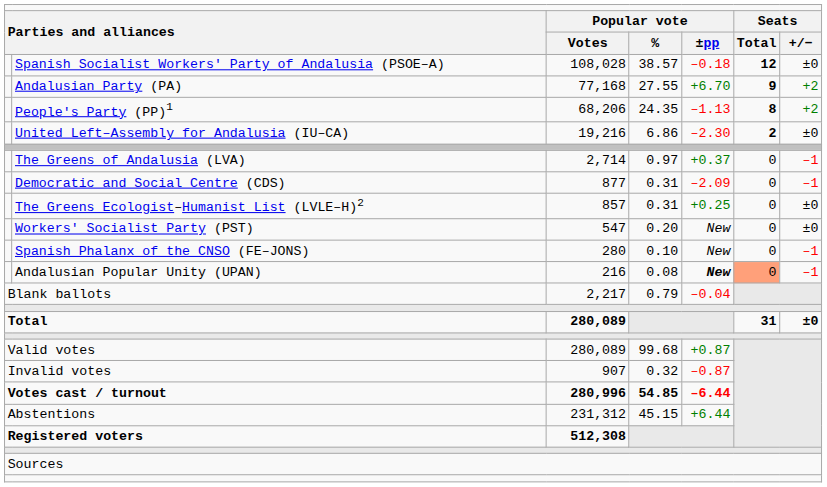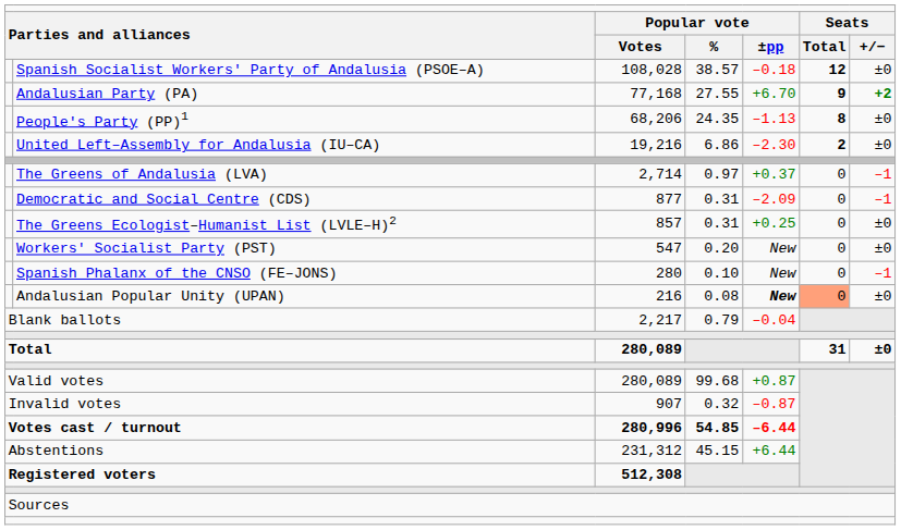 <table class="wikitable" style="text-align:right;">
 <tr>
 <td colspan="7"></td>
 </tr>
 <tr>
 <th style="text-align:left;" rowspan="2" colspan="2" width="525">Parties and alliances</th>
 <th colspan="3">Popular vote</th>
 <th colspan="2">Seats</th>
 </tr>
 <tr>
 <th width="75">Votes</th>
 <th width="45">%</th>
 <th width="45">±<a href='#'>pp</a></th>
 <th width="35">Total</th>
 <th width="35">+/−</th>
 </tr>
 <tr>
 <td width="1" style="color:inherit;background:"></td>
 <td align="left"><a href='#'>Spanish Socialist Workers' Party of Andalusia</a> (PSOE–A)</td>
 <td>108,028</td>
 <td>38.57</td>
 <td style="color:red;">–0.18</td>
 <td><strong>12</strong></td>
 <td>±0</td>
 </tr>
 <tr>
 <td style="color:inherit;background:"></td>
 <td align="left"><a href='#'>Andalusian Party</a> (PA)</td>
 <td>77,168</td>
 <td>27.55</td>
 <td style="color:green;">+6.70</td>
 <td><strong>9</strong></td>
-<td style="color:green;">+2</td>
+<td style="color:green;"><strong>+2</strong></td>
 </tr>
 <tr>
 <td style="color:inherit;background:"></td>
 <td align="left"><a href='#'>People's Party</a> (PP)<sup>1</sup></td>
 <td>68,206</td>
 <td>24.35</td>
 <td style="color:red;">–1.13</td>
 <td><strong>8</strong></td>
-<td style="color:green;">+2</td>
+<td>±0</td>
 </tr>
 <tr>
 <td style="color:inherit;background:"></td>
 <td align="left"><a href='#'>United Left–Assembly for Andalusia</a> (IU–CA)</td>
 <td>19,216</td>
 <td>6.86</td>
 <td style="color:red;">–2.30</td>
 <td><strong>2</strong></td>
 <td>±0</td>
 </tr>
 <tr>
 <td colspan="7" bgcolor="#C0C0C0"></td>
 </tr>
 <tr>
 <td style="color:inherit;background:"></td>
 <td align="left"><a href='#'>The Greens of Andalusia</a> (LVA)</td>
 <td>2,714</td>
 <td>0.97</td>
 <td style="color:green;">+0.37</td>
 <td>0</td>
 <td style="color:red;">–1</td>
 </tr>
 <tr>
 <td style="color:inherit;background:"></td>
 <td align="left"><a href='#'>Democratic and Social Centre</a> (CDS)</td>
 <td>877</td>
 <td>0.31</td>
 <td style="color:red;">–2.09</td>
 <td>0</td>
 <td style="color:red;">–1</td>
 </tr>
 <tr>
 <td style="color:inherit;background:"></td>
 <td align="left"><a href='#'>The Greens Ecologist</a>–<a href='#'>Humanist List</a> (LVLE–H)<sup>2</sup></td>
 <td>857</td>
 <td>0.31</td>
 <td style="color:green;">+0.25</td>
 <td>0</td>
 <td>±0</td>
 </tr>
 <tr>
 <td style="color:inherit;background:"></td>
 <td align="left"><a href='#'>Workers' Socialist Party</a> (PST)</td>
 <td>547</td>
 <td>0.20</td>
 <td><em>New</em></td>
 <td>0</td>
 <td>±0</td>
 </tr>
 <tr>
 <td style="color:inherit;background:"></td>
 <td align="left"><a href='#'>Spanish Phalanx of the CNSO</a> (FE–JONS)</td>
 <td>280</td>
 <td>0.10</td>
 <td><em>New</em></td>
 <td>0</td>
 <td style="color:red;">–1</td>
 </tr>
 <tr>
 <td style="color:inherit;background:"></td>
 <td align="left">Andalusian Popular Unity (UPAN)</td>
 <td>216</td>
 <td>0.08</td>
 <td><strong><em>New</em></strong></td>
 <td style="background: lightsalmon;">0</td>
-<td style="color:red;">–1</td>
+<td>±0</td>
 </tr>
 <tr>
 <td align="left" colspan="2">Blank ballots</td>
 <td>2,217</td>
 <td>0.79</td>
 <td style="color:red;">–0.04</td>
 <td bgcolor="#E9E9E9" colspan="2"></td>
 </tr>
 <tr>
 <td colspan="7" bgcolor="#E9E9E9"></td>
 </tr>
 <tr style="font-weight:bold;">
 <td align="left" colspan="2">Total</td>
 <td>280,089</td>
 <td bgcolor="#E9E9E9" colspan="2"></td>
 <td>31</td>
 <td>±0</td>
 </tr>
 <tr>
 <td colspan="7" bgcolor="#E9E9E9"></td>
 </tr>
 <tr>
 <td align="left" colspan="2">Valid votes</td>
 <td>280,089</td>
 <td>99.68</td>
 <td style="color:green;">+0.87</td>
 <td bgcolor="#E9E9E9" colspan="2" rowspan="5"></td>
 </tr>
 <tr>
 <td align="left" colspan="2">Invalid votes</td>
 <td>907</td>
 <td>0.32</td>
 <td style="color:red;">–0.87</td>
 </tr>
 <tr style="font-weight:bold;">
 <td align="left" colspan="2">Votes cast / turnout</td>
 <td>280,996</td>
 <td>54.85</td>
 <td style="color:red;">–6.44</td>
 </tr>
 <tr>
 <td align="left" colspan="2">Abstentions</td>
 <td>231,312</td>
 <td>45.15</td>
 <td style="color:green;">+6.44</td>
 </tr>
 <tr style="font-weight:bold;">
 <td align="left" colspan="2">Registered voters</td>
 <td>512,308</td>
 <td bgcolor="#E9E9E9" colspan="2"></td>
 </tr>
 <tr>
 <td colspan="7" bgcolor="#E9E9E9"></td>
 </tr>
 <tr>
 <td align="left" colspan="7">Sources</td>
 </tr>
 <tr>
 <td colspan="7" style="text-align:left; max-width:790px;"></td>
 </tr>
 </table>
